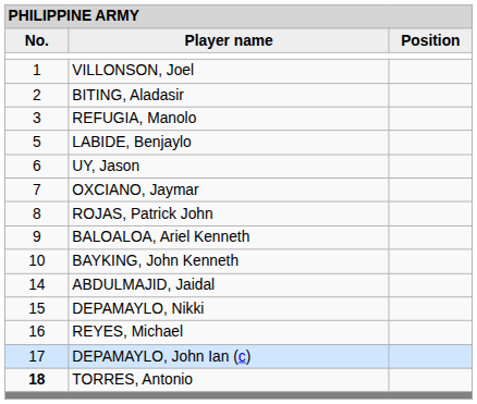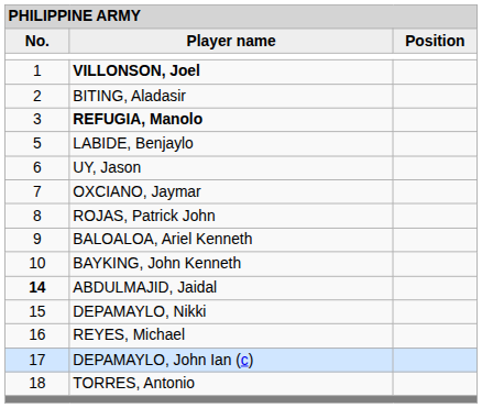 <table class='wikitable mw-collapsible mw-collapsed' style='text-align: center; width: 500px; border: none;'>
 <tr>
 <th style="background:#D4D4D4; text-align:left;" colspan=3>PHILIPPINE ARMY</th>
 </tr>
 <tr style="background:#EEEEEE; font-weight:bold;">
 <td width=10%>No.</td>
 <td width=50%>Player name</td>
 <td width=10%>Position</td>
 </tr>
 <tr style="background:#FFFFFF;">
 <td colspan=3 align=center></td>
 </tr>
 <tr>
 <td align=center>1</td>
-<td align=left>VILLONSON, Joel</td>
+<td align=left><strong>VILLONSON, Joel</strong></td>
 <td align=center></td>
 </tr>
 <tr>
 <td align=center>2</td>
 <td align=left>BITING, Aladasir</td>
 <td align=center></td>
 </tr>
 <tr>
 <td align=center>3</td>
-<td align=left>REFUGIA, Manolo</td>
+<td align=left><strong>REFUGIA, Manolo</strong></td>
 <td align=center></td>
 </tr>
 <tr>
 <td align=center>5</td>
 <td align=left>LABIDE, Benjaylo</td>
 <td align=center></td>
 </tr>
 <tr>
 <td align=center>6</td>
 <td align=left>UY, Jason</td>
 <td align=center></td>
 </tr>
 <tr>
 <td align=center>7</td>
 <td align=left>OXCIANO, Jaymar</td>
 <td align=center></td>
 </tr>
 <tr>
 <td align=center>8</td>
 <td align=left>ROJAS, Patrick John</td>
 <td align=center></td>
 </tr>
 <tr>
 <td align=center>9</td>
 <td align=left>BALOALOA, Ariel Kenneth</td>
 <td align=center></td>
 </tr>
 <tr>
 <td align=center>10</td>
 <td align=left>BAYKING, John Kenneth</td>
 <td align=center></td>
 </tr>
 <tr>
-<td align=center>14</td>
+<td align=center><strong>14</strong></td>
 <td align=left>ABDULMAJID, Jaidal</td>
 <td align=center></td>
 </tr>
 <tr>
 <td align=center>15</td>
 <td align=left>DEPAMAYLO, Nikki</td>
 <td align=center></td>
 </tr>
 <tr>
 <td align=center>16</td>
 <td align=left>REYES, Michael</td>
 <td align=center></td>
 </tr>
 <tr bgcolor=#D0E6FF>
 <td align=center>17</td>
 <td align=left>DEPAMAYLO, John Ian (<a href='#'>c</a>)</td>
 <td align=center></td>
 </tr>
 <tr>
-<td align=center><strong>18</strong></td>
+<td align=center>18</td>
 <td align=left>TORRES, Antonio</td>
 <td align=center></td>
 </tr>
 <tr>
 <th style="background:gray;" colspan=3></th>
 </tr>
 <tr>
 </tr>
 </table>
